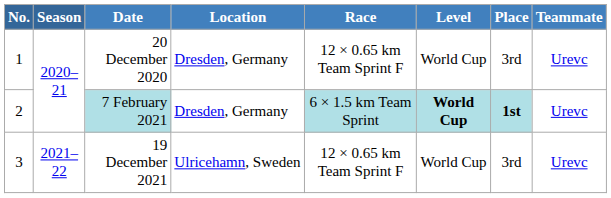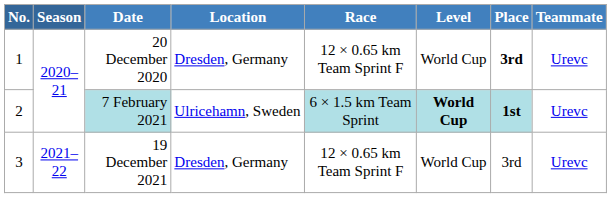 <table class="wikitable sortable" style="font-size:95%; text-align:center; border:grey solid 1px; border-collapse:collapse; background:#ffffff;">
 <tr style="background:#efefef;">
 <th style="background-color:#369; color:white;">No.</th>
 <th style="background-color:#369; color:white;">Season</th>
 <th style="background-color:#4180be; color:white; width:100px;">Date</th>
 <th style="background-color:#4180be; color:white; width:190px;">Location</th>
 <th style="background-color:#4180be; color:white; width:170px;">Race</th>
 <th style="background-color:#4180be; color:white; width:100px;">Level</th>
 <th style="background-color:#4180be; color:white;">Place</th>
 <th style="background-color:#4180be; color:white;">Teammate</th>
 </tr>
 <tr>
 <td align=center>1</td>
 <td rowspan=2 align=center><a href='#'>2020–21</a></td>
 <td align=right>20 December 2020</td>
 <td align=left> <a href='#'>Dresden</a>, Germany</td>
 <td>12 × 0.65 km Team Sprint F</td>
 <td>World Cup</td>
-<td>3rd</td>
+<td><strong>3rd</strong></td>
 <td><a href='#'>Urevc</a></td>
 </tr>
 <tr>
 <td align=center>2</td>
 <td bgcolor="#BOEOE6" align=right>7 February 2021</td>
-<td align=left> <a href='#'>Dresden</a>, Germany</td>
+<td align=left> <a href='#'>Ulricehamn</a>, Sweden</td>
 <td bgcolor="#BOEOE6">6 × 1.5 km Team Sprint</td>
 <td bgcolor="#BOEOE6"><strong>World Cup</strong></td>
 <td bgcolor="#BOEOE6"><strong>1st</strong></td>
 <td><a href='#'>Urevc</a></td>
 </tr>
 <tr>
 <td align=center>3</td>
 <td rowspan=1 align=center><a href='#'>2021–22</a></td>
 <td align=right>19 December 2021</td>
-<td align=left> <a href='#'>Ulricehamn</a>, Sweden</td>
+<td align=left> <a href='#'>Dresden</a>, Germany</td>
 <td>12 × 0.65 km Team Sprint F</td>
 <td>World Cup</td>
 <td>3rd</td>
 <td><a href='#'>Urevc</a></td>
 </tr>
 </table>
